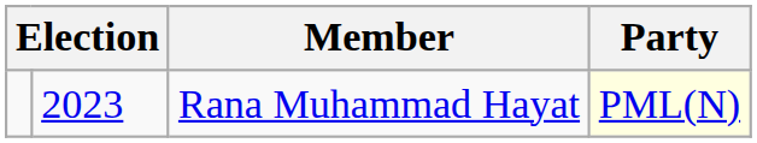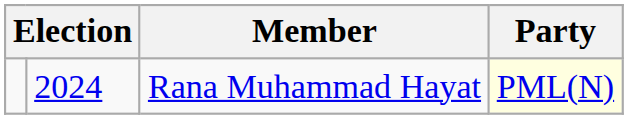 <table class="wikitable">
 <tr>
 <th colspan="2">Election</th>
 <th>Member</th>
 <th>Party</th>
 </tr>
 <tr>
 <td style="background-color: "></td>
-<td><a href='#'>2023</a></td>
+<td><a href='#'>2024</a></td>
 <td><a href='#'>Rana Muhammad Hayat</a></td>
 <td style="background: lightyellow;"><a href='#'>PML(N)</a></td>
 </tr>
 </table>
